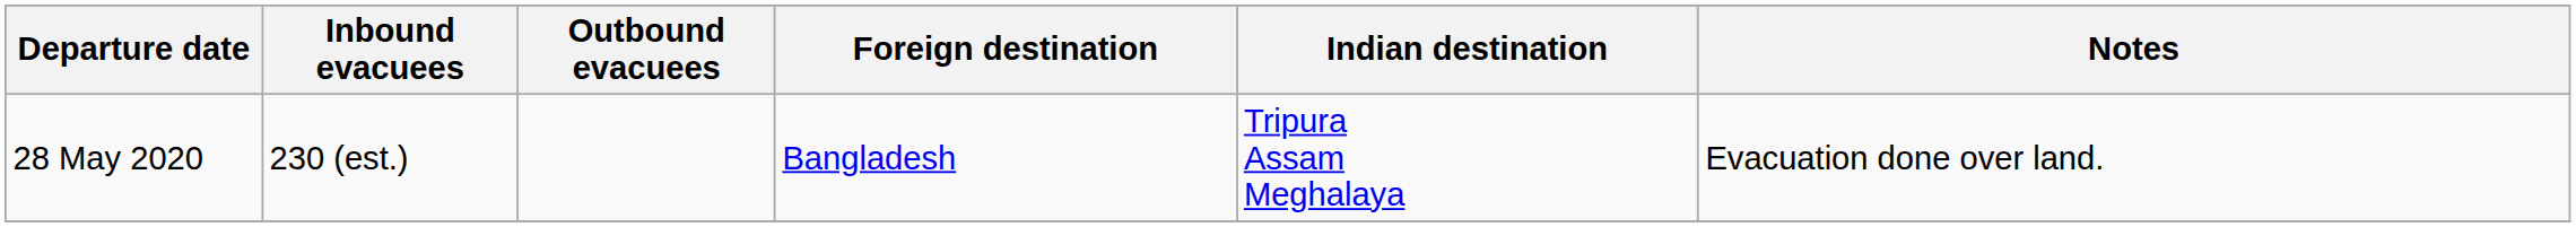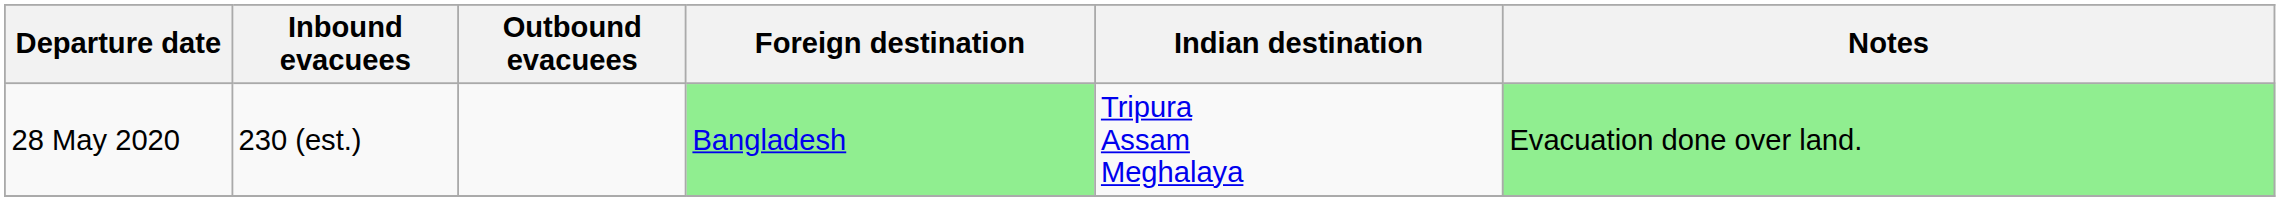 <table class="wikitable sortable plainrowheaders">
 <tr>
 <th style="width: 10%">Departure date</th>
 <th style="width: 10%;">Inbound evacuees</th>
 <th style="width: 10%;">Outbound evacuees</th>
 <th style="width: 18%;">Foreign destination</th>
 <th style="width: 18%;">Indian destination</th>
 <th style="width: 34%;" class="unsortable">Notes</th>
 </tr>
 <tr>
 <td>28 May 2020</td>
 <td>230 (est.)</td>
 <td></td>
-<td> <a href='#'>Bangladesh</a></td>
+<td style="background: lightgreen;"> <a href='#'>Bangladesh</a></td>
 <td><a href='#'>Tripura</a><br><a href='#'>Assam</a><br><a href='#'>Meghalaya</a></td>
-<td>Evacuation done over land.</td>
+<td style="background: lightgreen;">Evacuation done over land.</td>
 </tr>
 <tr>
 </tr>
 </table>
